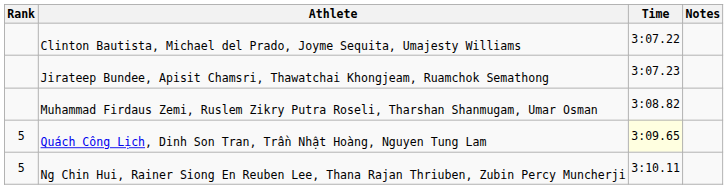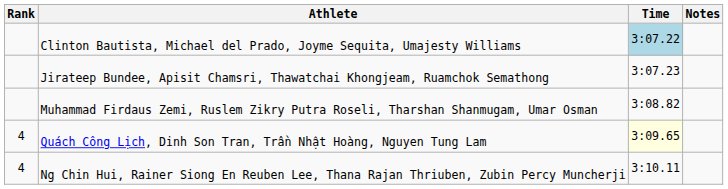 <table class="wikitable sortable" style="text-align:center">
 <tr>
 <th>Rank</th>
 <th>Athlete</th>
 <th>Time</th>
 <th>Notes</th>
 </tr>
 <tr>
 <td></td>
 <td align=left><br> Clinton Bautista, Michael del Prado, Joyme Sequita, Umajesty Williams</td>
-<td>3:07.22</td>
+<td style="background: lightblue;">3:07.22</td>
 <td></td>
 </tr>
 <tr>
 <td></td>
 <td align=left><br> Jirateep Bundee, Apisit Chamsri, Thawatchai Khongjeam, Ruamchok Semathong</td>
 <td>3:07.23</td>
 <td></td>
 </tr>
 <tr>
 <td></td>
 <td align=left><br> Muhammad Firdaus Zemi, Ruslem Zikry Putra Roseli, Tharshan Shanmugam, Umar Osman</td>
 <td>3:08.82</td>
 <td></td>
 </tr>
 <tr>
-<td>5</td>
+<td>4</td>
 <td align=left><br> <a href='#'>Quách Công Lịch</a>, Dinh Son Tran, Trần Nhật Hoàng, Nguyen Tung Lam</td>
 <td style="background: lightyellow;">3:09.65</td>
 <td></td>
 </tr>
 <tr>
-<td>5</td>
+<td>4</td>
 <td align=left><br> Ng Chin Hui, Rainer Siong En Reuben Lee, Thana Rajan Thriuben, Zubin Percy Muncherji</td>
 <td>3:10.11</td>
 <td></td>
 </tr>
 </table>
